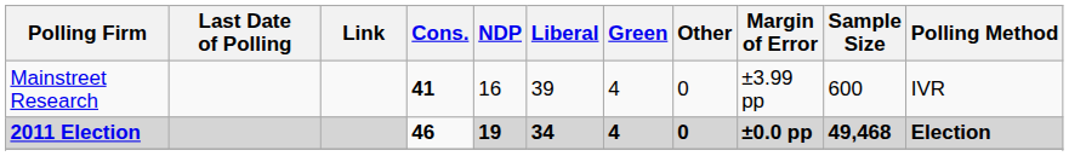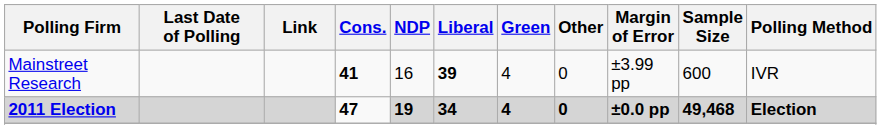 <table class="wikitable sortable">
 <tr style="background:#e9e9e9;">
 <th style="width:120px">Polling Firm</th>
 <th style="width:110px">Last Date<br>of Polling</th>
 <th style="width:60px" class="unsortable">Link</th>
 <th style="background-color:"><strong><a href='#'>Cons.</a></strong></th>
 <th style="background-color:"><strong><a href='#'>NDP</a></strong></th>
 <th style="background-color:"><strong><a href='#'>Liberal</a></strong></th>
 <th style="background-color:"><strong><a href='#'>Green</a></strong></th>
 <th style="background-color:"><strong>Other</strong></th>
 <th style="width:60px;" class=unsortable>Margin<br>of Error</th>
 <th style="width:50px;" class=unsortable>Sample<br>Size</th>
 <th class=unsortable>Polling Method</th>
 </tr>
 <tr>
 <td><a href='#'>Mainstreet Research</a></td>
 <td></td>
 <td></td>
 <td><strong>41</strong></td>
 <td>16</td>
-<td>39</td>
+<td><strong>39</strong></td>
 <td>4</td>
 <td>0</td>
 <td>±3.99 pp</td>
 <td>600</td>
 <td>IVR</td>
 </tr>
 <tr>
 <td style="background:#D5D5D5"><strong><a href='#'>2011 Election</a></strong></td>
 <td style="background:#D5D5D5"><strong></strong></td>
 <td style="background:#D5D5D5"></td>
-<td><strong>46</strong></td>
+<td><strong>47</strong></td>
 <td style="background:#D5D5D5"><strong>19</strong></td>
 <td style="background:#D5D5D5"><strong>34</strong></td>
 <td style="background:#D5D5D5"><strong>4</strong></td>
 <td style="background:#D5D5D5"><strong>0</strong></td>
 <td style="background:#D5D5D5"><strong>±0.0 pp</strong></td>
 <td style="background:#D5D5D5"><strong>49,468</strong></td>
 <td style="background:#D5D5D5"><strong>Election</strong></td>
 </tr>
 <tr>
 </tr>
 <tr>
 </tr>
 </table>
